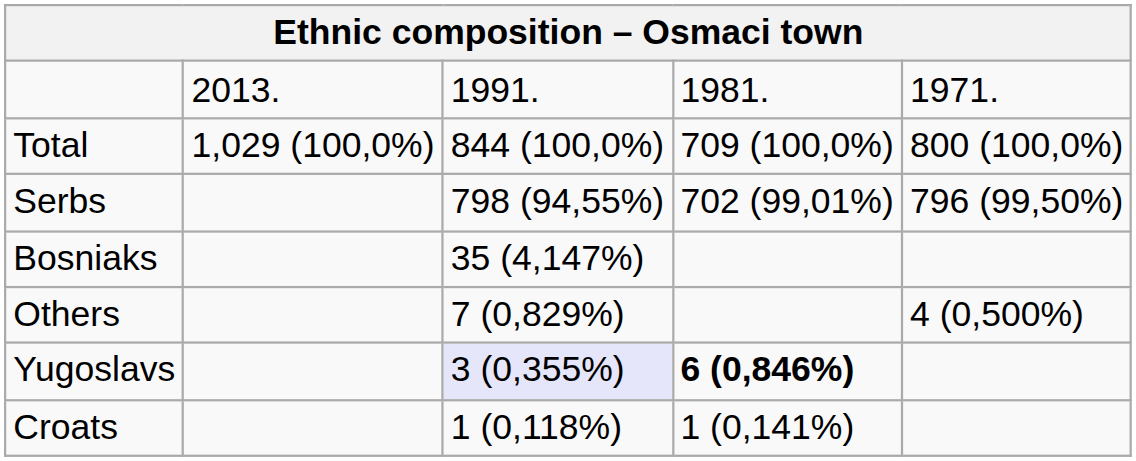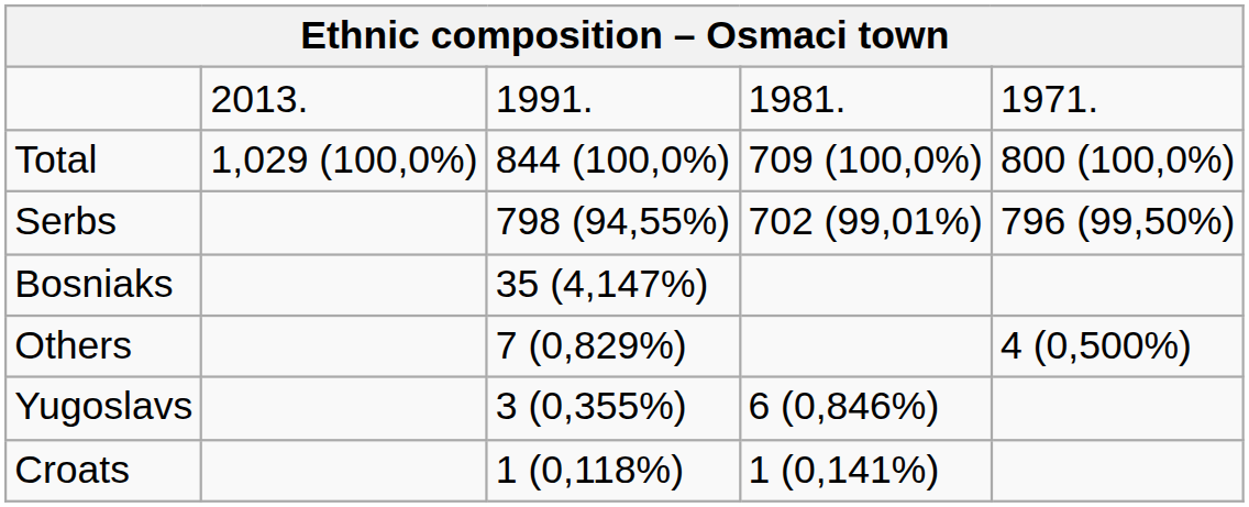 <table class="wikitable">
 <tr>
 <th colspan="8">Ethnic composition – Osmaci town</th>
 </tr>
 <tr>
 <td></td>
 <td>2013.</td>
 <td>1991.</td>
 <td>1981.</td>
 <td>1971.</td>
 </tr>
 <tr>
 <td>Total</td>
 <td>1,029 (100,0%)</td>
 <td>844 (100,0%)</td>
 <td>709 (100,0%)</td>
 <td>800 (100,0%)</td>
 </tr>
 <tr>
 <td>Serbs</td>
 <td></td>
 <td>798 (94,55%)</td>
 <td>702 (99,01%)</td>
 <td>796 (99,50%)</td>
 </tr>
 <tr>
 <td>Bosniaks</td>
 <td></td>
 <td>35 (4,147%)</td>
 <td></td>
 <td></td>
 </tr>
 <tr>
 <td>Others</td>
 <td></td>
 <td>7 (0,829%)</td>
 <td></td>
 <td>4 (0,500%)</td>
 </tr>
 <tr>
 <td>Yugoslavs</td>
 <td></td>
-<td style="background: lavender;">3 (0,355%)</td>
-<td><strong>6 (0,846%)</strong></td>
+<td>3 (0,355%)</td>
+<td>6 (0,846%)</td>
 <td></td>
 </tr>
 <tr>
 <td>Croats</td>
 <td></td>
 <td>1 (0,118%)</td>
 <td>1 (0,141%)</td>
 <td></td>
 </tr>
 </table>
